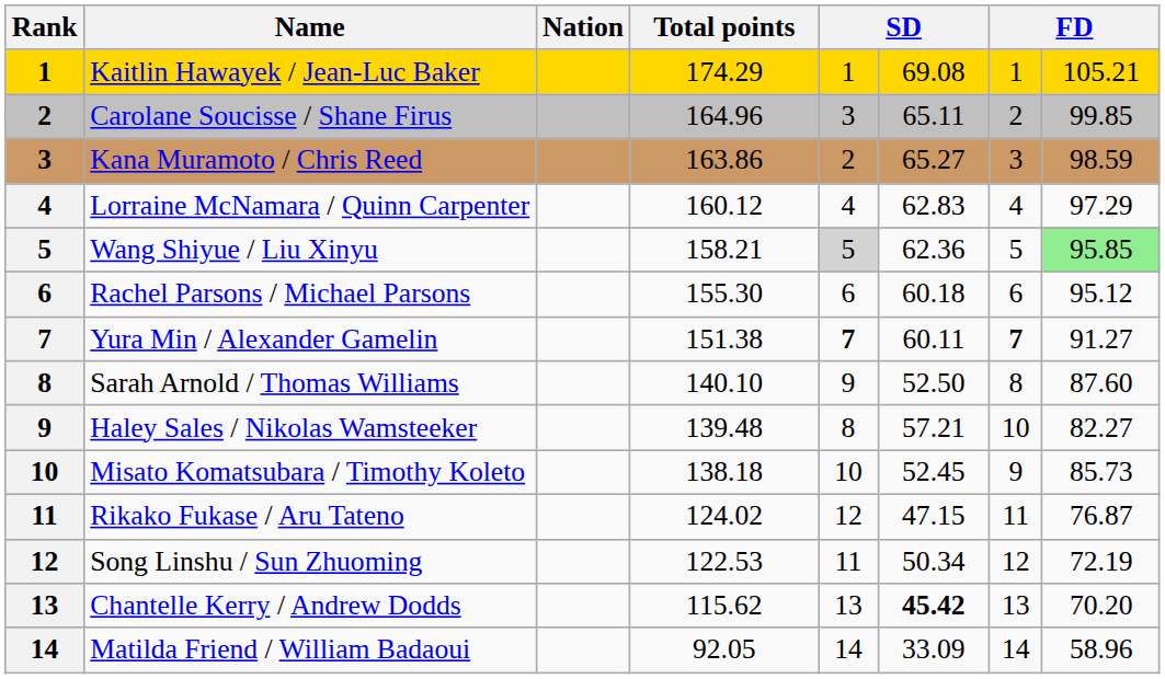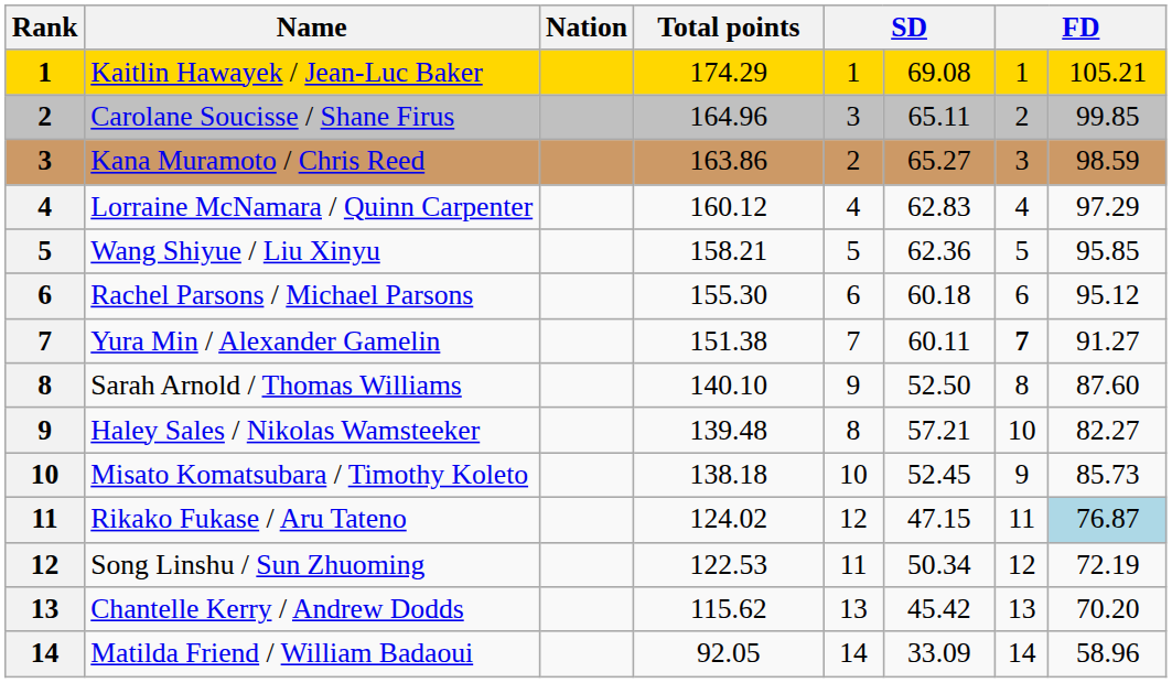 <table class="wikitable sortable">
 <tr>
 <th>Rank</th>
 <th>Name</th>
 <th>Nation</th>
 <th width="100px">Total points</th>
 <th colspan="2" width="90px"><a href='#'>SD</a></th>
 <th colspan="2" width="90px"><a href='#'>FD</a></th>
 </tr>
 <tr bgcolor="gold">
 <td align="center" bgcolor="gold"><strong>1</strong></td>
 <td><a href='#'>Kaitlin Hawayek</a> / <a href='#'>Jean-Luc Baker</a></td>
 <td></td>
 <td align="center">174.29</td>
 <td align="center">1</td>
 <td align="center">69.08</td>
 <td align="center">1</td>
 <td align="center">105.21</td>
 </tr>
 <tr bgcolor="silver">
 <td align="center" bgcolor="silver"><strong>2</strong></td>
 <td><a href='#'>Carolane Soucisse</a> / <a href='#'>Shane Firus</a></td>
 <td></td>
 <td align="center">164.96</td>
 <td align="center">3</td>
 <td align="center">65.11</td>
 <td align="center">2</td>
 <td align="center">99.85</td>
 </tr>
 <tr bgcolor="#cc9966">
 <td align="center" bgcolor="#cc9966"><strong>3</strong></td>
 <td><a href='#'>Kana Muramoto</a> / <a href='#'>Chris Reed</a></td>
 <td></td>
 <td align="center">163.86</td>
 <td align="center">2</td>
 <td align="center">65.27</td>
 <td align="center">3</td>
 <td align="center">98.59</td>
 </tr>
 <tr>
 <th>4</th>
 <td><a href='#'>Lorraine McNamara</a> / <a href='#'>Quinn Carpenter</a></td>
 <td></td>
 <td align="center">160.12</td>
 <td align="center">4</td>
 <td align="center">62.83</td>
 <td align="center">4</td>
 <td align="center">97.29</td>
 </tr>
 <tr>
 <th>5</th>
 <td><a href='#'>Wang Shiyue</a> / <a href='#'>Liu Xinyu</a></td>
 <td></td>
 <td align="center">158.21</td>
-<td align="center" style="background: lightgrey;">5</td>
+<td align="center">5</td>
 <td align="center">62.36</td>
 <td align="center">5</td>
-<td align="center" style="background: lightgreen;">95.85</td>
+<td align="center">95.85</td>
 </tr>
 <tr>
 <th>6</th>
 <td><a href='#'>Rachel Parsons</a> / <a href='#'>Michael Parsons</a></td>
 <td></td>
 <td align="center">155.30</td>
 <td align="center">6</td>
 <td align="center">60.18</td>
 <td align="center">6</td>
 <td align="center">95.12</td>
 </tr>
 <tr>
 <th>7</th>
 <td><a href='#'>Yura Min</a> / <a href='#'>Alexander Gamelin</a></td>
 <td></td>
 <td align="center">151.38</td>
-<td align="center"><strong>7</strong></td>
+<td align="center">7</td>
 <td align="center">60.11</td>
 <td align="center"><strong>7</strong></td>
 <td align="center">91.27</td>
 </tr>
 <tr>
 <th>8</th>
 <td>Sarah Arnold / <a href='#'>Thomas Williams</a></td>
 <td></td>
 <td align="center">140.10</td>
 <td align="center">9</td>
 <td align="center">52.50</td>
 <td align="center">8</td>
 <td align="center">87.60</td>
 </tr>
 <tr>
 <th>9</th>
 <td><a href='#'>Haley Sales</a> / <a href='#'>Nikolas Wamsteeker</a></td>
 <td></td>
 <td align="center">139.48</td>
 <td align="center">8</td>
 <td align="center">57.21</td>
 <td align="center">10</td>
 <td align="center">82.27</td>
 </tr>
 <tr>
 <th>10</th>
 <td><a href='#'>Misato Komatsubara</a> / <a href='#'>Timothy Koleto</a></td>
 <td></td>
 <td align="center">138.18</td>
 <td align="center">10</td>
 <td align="center">52.45</td>
 <td align="center">9</td>
 <td align="center">85.73</td>
 </tr>
 <tr>
 <th>11</th>
 <td><a href='#'>Rikako Fukase</a> / <a href='#'>Aru Tateno</a></td>
 <td></td>
 <td align="center">124.02</td>
 <td align="center">12</td>
 <td align="center">47.15</td>
 <td align="center">11</td>
-<td align="center">76.87</td>
+<td align="center" style="background: lightblue;">76.87</td>
 </tr>
 <tr>
 <th>12</th>
 <td>Song Linshu / <a href='#'>Sun Zhuoming</a></td>
 <td></td>
 <td align="center">122.53</td>
 <td align="center">11</td>
 <td align="center">50.34</td>
 <td align="center">12</td>
 <td align="center">72.19</td>
 </tr>
 <tr>
 <th>13</th>
 <td><a href='#'>Chantelle Kerry</a> / <a href='#'>Andrew Dodds</a></td>
 <td></td>
 <td align="center">115.62</td>
 <td align="center">13</td>
-<td align="center"><strong>45.42</strong></td>
+<td align="center">45.42</td>
 <td align="center">13</td>
 <td align="center">70.20</td>
 </tr>
 <tr>
 <th>14</th>
 <td><a href='#'>Matilda Friend</a> / <a href='#'>William Badaoui</a></td>
 <td></td>
 <td align="center">92.05</td>
 <td align="center">14</td>
 <td align="center">33.09</td>
 <td align="center">14</td>
 <td align="center">58.96</td>
 </tr>
 </table>
